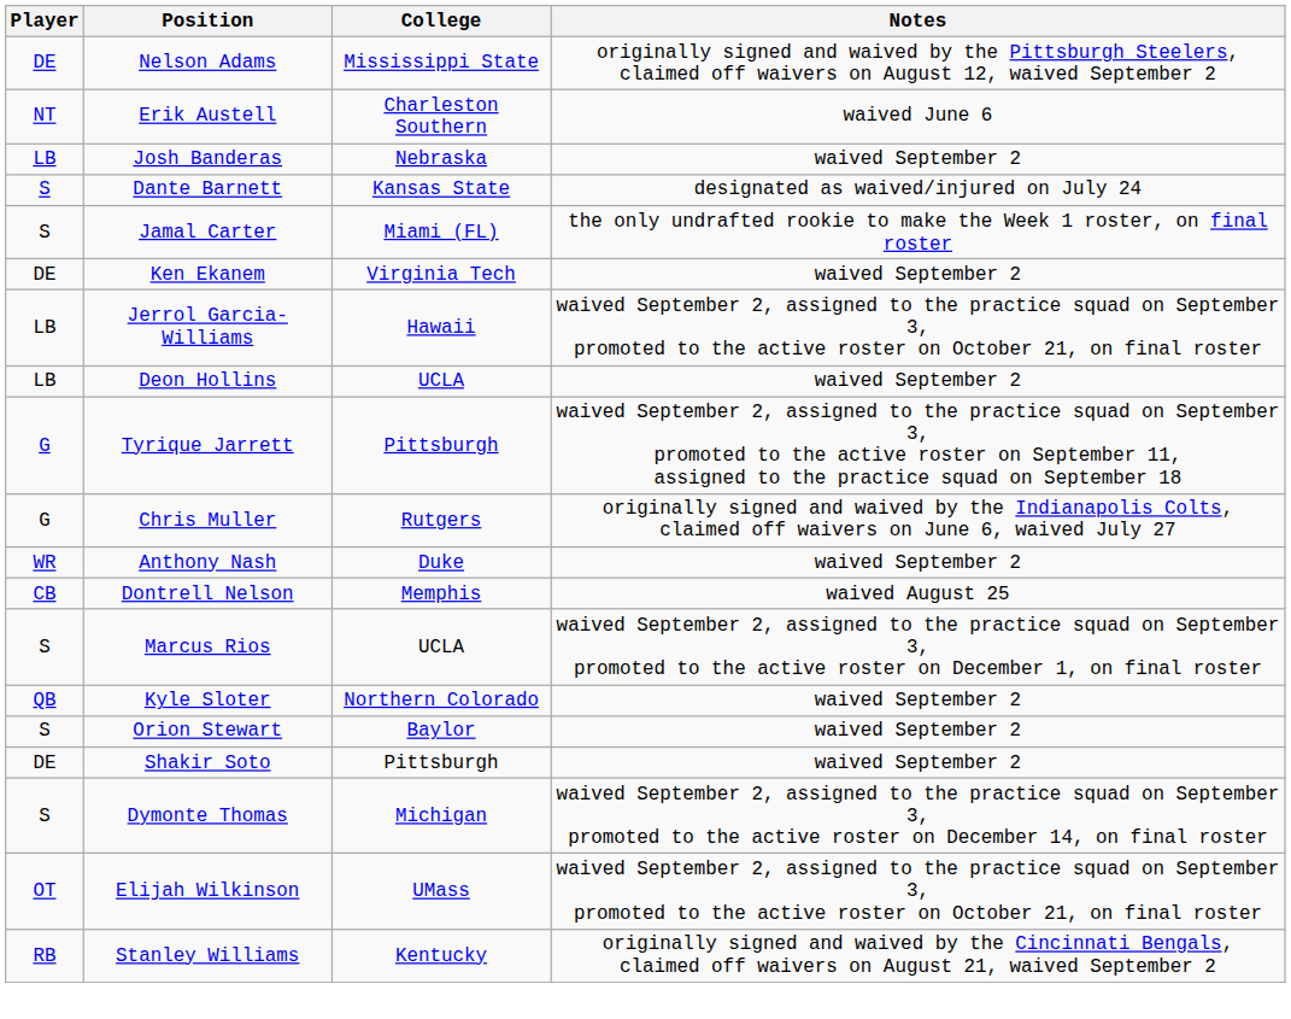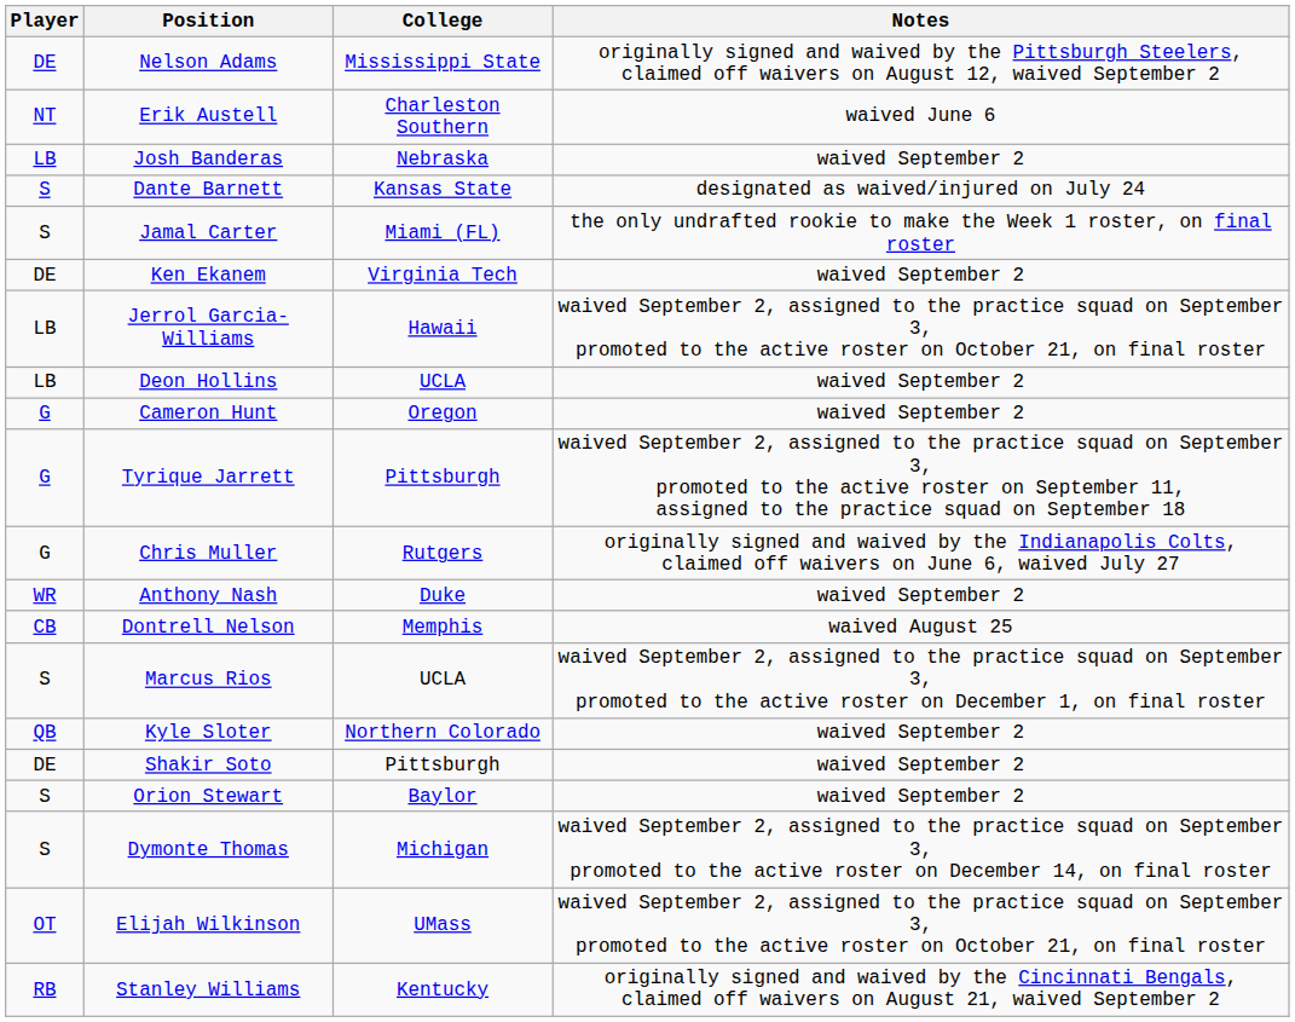 <table class="wikitable" style="text-align:center">
 <tr>
 <th>Player</th>
 <th>Position</th>
 <th>College</th>
 <th>Notes</th>
 </tr>
 <tr>
 <td><a href='#'>DE</a></td>
 <td><a href='#'>Nelson Adams</a></td>
 <td><a href='#'>Mississippi State</a></td>
 <td>originally signed and waived by the <a href='#'>Pittsburgh Steelers</a>,<br>claimed off waivers on August 12, waived September 2</td>
 </tr>
 <tr>
 <td><a href='#'>NT</a></td>
 <td><a href='#'>Erik Austell</a></td>
 <td><a href='#'>Charleston Southern</a></td>
 <td>waived June 6</td>
 </tr>
 <tr>
 <td><a href='#'>LB</a></td>
 <td><a href='#'>Josh Banderas</a></td>
 <td><a href='#'>Nebraska</a></td>
 <td>waived September 2</td>
 </tr>
 <tr>
 <td><a href='#'>S</a></td>
 <td><a href='#'>Dante Barnett</a></td>
 <td><a href='#'>Kansas State</a></td>
 <td>designated as waived/injured on July 24</td>
 </tr>
 <tr>
 <td>S</td>
 <td><a href='#'>Jamal Carter</a></td>
 <td><a href='#'>Miami (FL)</a></td>
 <td>the only undrafted rookie to make the Week 1 roster, on <a href='#'>final roster</a></td>
 </tr>
 <tr>
 <td>DE</td>
 <td><a href='#'>Ken Ekanem</a></td>
 <td><a href='#'>Virginia Tech</a></td>
 <td>waived September 2</td>
 </tr>
 <tr>
 <td>LB</td>
 <td><a href='#'>Jerrol Garcia-Williams</a></td>
 <td><a href='#'>Hawaii</a></td>
 <td>waived September 2, assigned to the practice squad on September 3,<br>promoted to the active roster on October 21, on final roster</td>
 </tr>
 <tr>
 <td>LB</td>
 <td><a href='#'>Deon Hollins</a></td>
 <td><a href='#'>UCLA</a></td>
 <td>waived September 2</td>
 </tr>
 <tr>
 <td><a href='#'>G</a></td>
+<td><a href='#'>Cameron Hunt</a></td>
+<td><a href='#'>Oregon</a></td>
+<td>waived September 2</td>
+</tr>
+<tr>
+<td><a href='#'>G</a></td>
 <td><a href='#'>Tyrique Jarrett</a></td>
 <td><a href='#'>Pittsburgh</a></td>
 <td>waived September 2, assigned to the practice squad on September 3,<br>promoted to the active roster on September 11,<br>assigned to the practice squad on September 18</td>
 </tr>
 <tr>
 <td>G</td>
 <td><a href='#'>Chris Muller</a></td>
 <td><a href='#'>Rutgers</a></td>
 <td>originally signed and waived by the <a href='#'>Indianapolis Colts</a>,<br>claimed off waivers on June 6, waived July 27</td>
 </tr>
 <tr>
 <td><a href='#'>WR</a></td>
 <td><a href='#'>Anthony Nash</a></td>
 <td><a href='#'>Duke</a></td>
 <td>waived September 2</td>
 </tr>
 <tr>
 <td><a href='#'>CB</a></td>
 <td><a href='#'>Dontrell Nelson</a></td>
 <td><a href='#'>Memphis</a></td>
 <td>waived August 25</td>
 </tr>
 <tr>
 <td>S</td>
 <td><a href='#'>Marcus Rios</a></td>
 <td>UCLA</td>
 <td>waived September 2, assigned to the practice squad on September 3,<br>promoted to the active roster on December 1, on final roster</td>
 </tr>
 <tr>
 <td><a href='#'>QB</a></td>
 <td><a href='#'>Kyle Sloter</a></td>
 <td><a href='#'>Northern Colorado</a></td>
 <td>waived September 2</td>
 </tr>
 <tr>
+<td>DE</td>
+<td><a href='#'>Shakir Soto</a></td>
+<td>Pittsburgh</td>
+<td>waived September 2</td>
+</tr>
+<tr>
 <td>S</td>
 <td><a href='#'>Orion Stewart</a></td>
 <td><a href='#'>Baylor</a></td>
-<td>waived September 2</td>
-</tr>
-<tr>
-<td>DE</td>
-<td><a href='#'>Shakir Soto</a></td>
-<td>Pittsburgh</td>
 <td>waived September 2</td>
 </tr>
 <tr>
 <td>S</td>
 <td><a href='#'>Dymonte Thomas</a></td>
 <td><a href='#'>Michigan</a></td>
 <td>waived September 2, assigned to the practice squad on September 3,<br>promoted to the active roster on December 14, on final roster</td>
 </tr>
 <tr>
 <td><a href='#'>OT</a></td>
 <td><a href='#'>Elijah Wilkinson</a></td>
 <td><a href='#'>UMass</a></td>
 <td>waived September 2, assigned to the practice squad on September 3,<br>promoted to the active roster on October 21, on final roster</td>
 </tr>
 <tr>
 <td><a href='#'>RB</a></td>
 <td><a href='#'>Stanley Williams</a></td>
 <td><a href='#'>Kentucky</a></td>
 <td>originally signed and waived by the <a href='#'>Cincinnati Bengals</a>,<br>claimed off waivers on August 21, waived September 2</td>
 </tr>
 </table>
